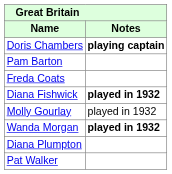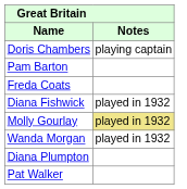 <table border="1" cellpadding="3" style="border-collapse: collapse;">
 <tr style="background:#ddffdd;">
 <td colspan=5>   <strong>Great Britain</strong></td>
 </tr>
 <tr style="background:#ddffdd;">
 <th>Name</th>
 <th>Notes</th>
 </tr>
 <tr>
 <td> <a href='#'>Doris Chambers</a></td>
-<td><strong>playing captain</strong></td>
+<td>playing captain</td>
 </tr>
 <tr>
 <td> <a href='#'>Pam Barton</a></td>
 <td></td>
 </tr>
 <tr>
 <td> <a href='#'>Freda Coats</a></td>
 <td></td>
 </tr>
 <tr>
 <td> <a href='#'>Diana Fishwick</a></td>
-<td><strong>played in 1932</strong></td>
+<td>played in 1932</td>
 </tr>
 <tr>
 <td> <a href='#'>Molly Gourlay</a></td>
-<td>played in 1932</td>
+<td style="background: khaki;">played in 1932</td>
 </tr>
 <tr>
 <td> <a href='#'>Wanda Morgan</a></td>
-<td><strong>played in 1932</strong></td>
+<td>played in 1932</td>
 </tr>
 <tr>
 <td> <a href='#'>Diana Plumpton</a></td>
 <td></td>
 </tr>
 <tr>
 <td> <a href='#'>Pat Walker</a></td>
 <td></td>
 </tr>
 </table>
